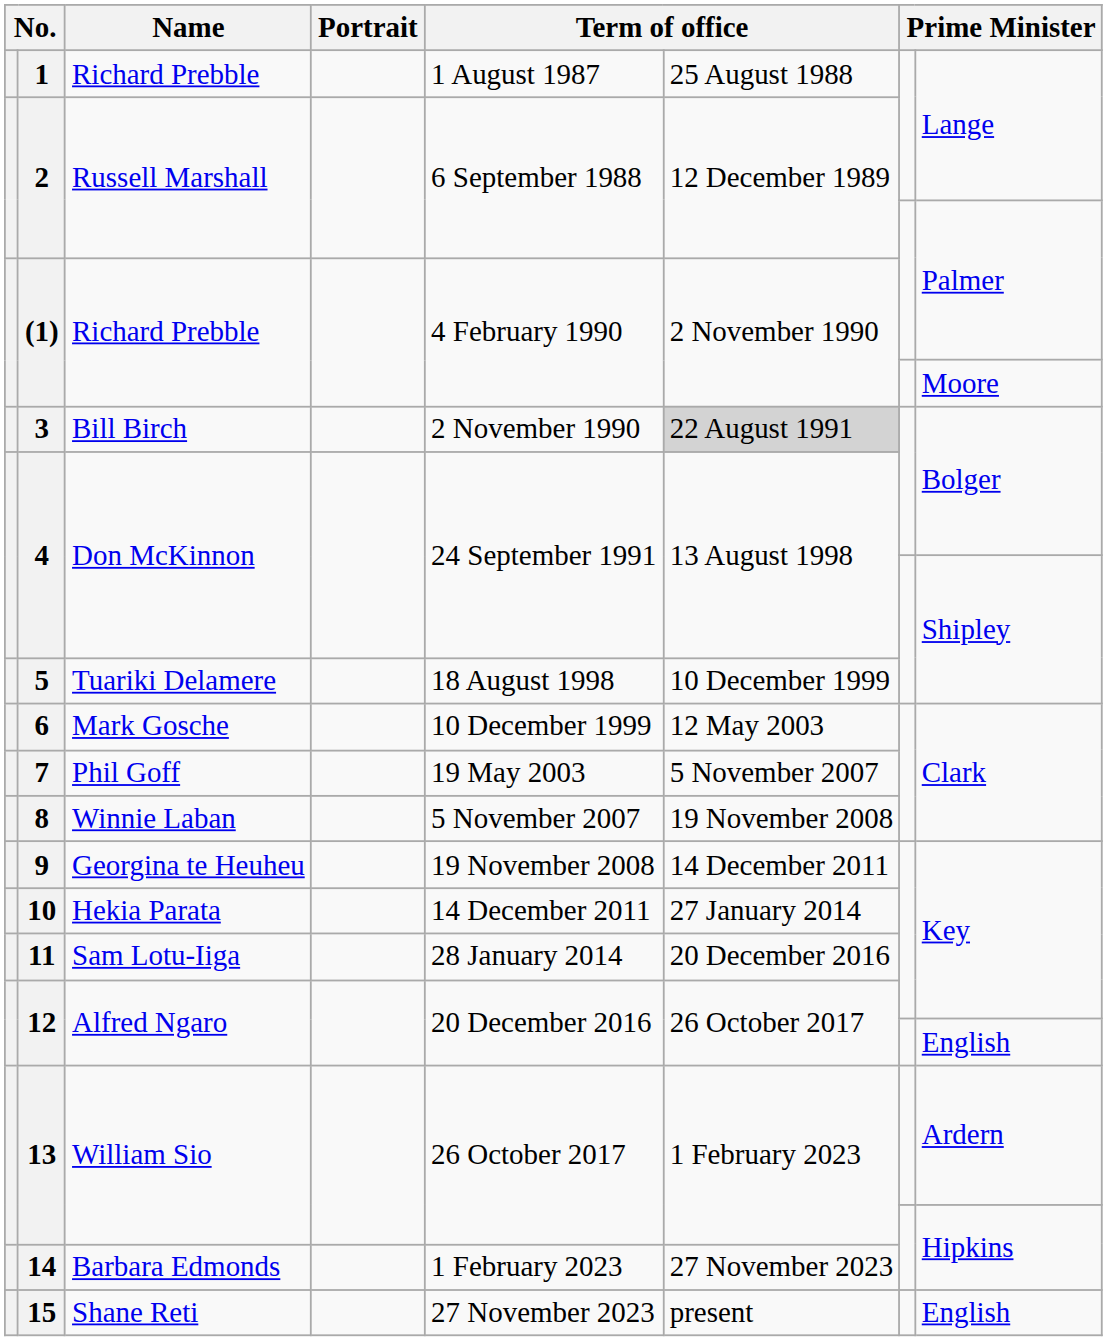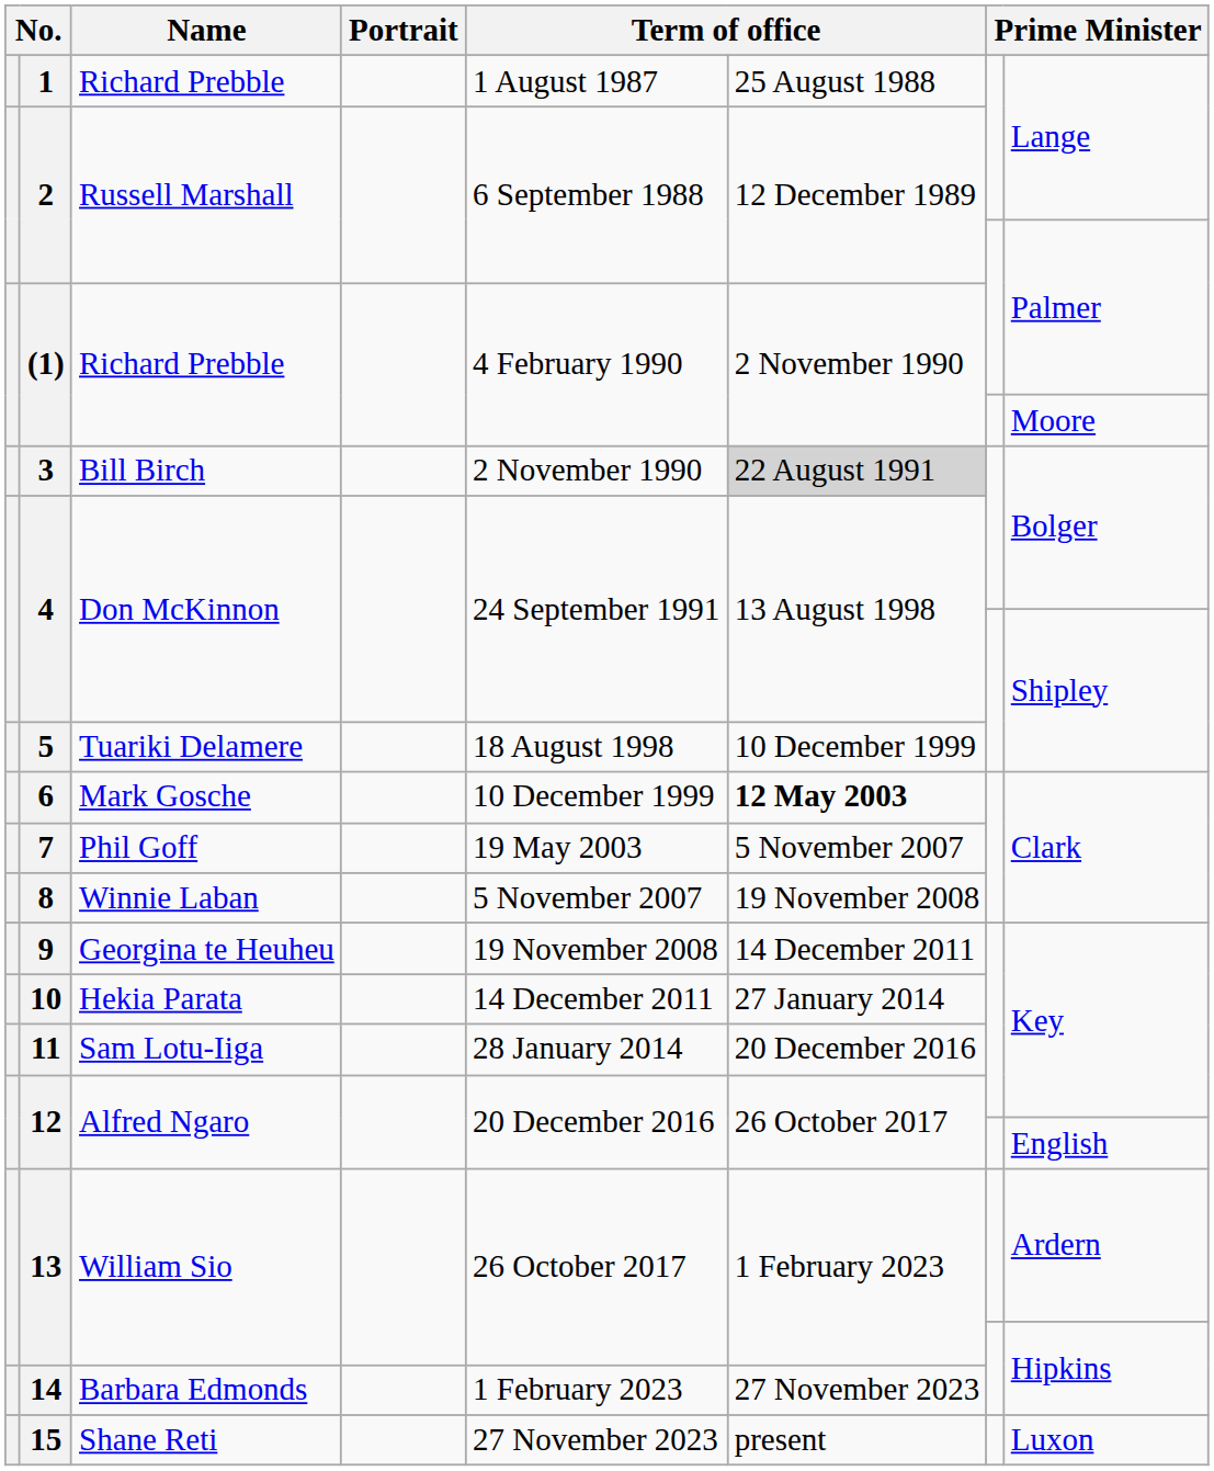 <table class="wikitable">
 <tr>
 <th colspan="2">No.</th>
 <th>Name</th>
 <th>Portrait</th>
 <th colspan="2">Term of office</th>
 <th colspan="2">Prime Minister</th>
 </tr>
 <tr>
 <th style="color:inherit;background:"></th>
 <th>1</th>
 <td><a href='#'>Richard Prebble</a></td>
 <td></td>
 <td>1 August 1987</td>
 <td>25 August 1988</td>
 <td width=1 rowspan=2 style="color:inherit;background:"></td>
 <td rowspan=2><a href='#'>Lange</a></td>
 </tr>
 <tr>
 <th height=50 style="border-bottom:solid 0 grey; background:"></th>
 <th rowspan=2>2</th>
 <td rowspan=2><a href='#'>Russell Marshall</a></td>
 <td rowspan=2></td>
 <td rowspan=2>6 September 1988</td>
 <td rowspan=2>12 December 1989</td>
 </tr>
 <tr>
 <th height=25 style="border-top:solid 0 grey; background:"></th>
 <td rowspan=2 style="color:inherit;background:"></td>
 <td rowspan=2><a href='#'>Palmer</a></td>
 </tr>
 <tr>
 <th height=50 style="border-bottom:solid 0 grey; background:"></th>
 <th rowspan=2>(1)</th>
 <td rowspan=2><a href='#'>Richard Prebble</a></td>
 <td rowspan=2></td>
 <td rowspan=2>4 February 1990</td>
 <td rowspan=2>2 November 1990</td>
 </tr>
 <tr>
 <th height=15 style="border-top:solid 0 grey; background:"></th>
 <td style="color:inherit;background:"></td>
 <td><a href='#'>Moore</a></td>
 </tr>
 <tr>
 <th style="color:inherit;background:"></th>
 <th>3</th>
 <td><a href='#'>Bill Birch</a></td>
 <td></td>
 <td>2 November 1990</td>
 <td style="background: lightgrey;">22 August 1991</td>
 <td rowspan="2" style="color:inherit;background:"></td>
 <td rowspan="2"><a href='#'>Bolger</a></td>
 </tr>
 <tr>
 <th height=50 style="border-bottom:solid 0 grey; background:"></th>
 <th rowspan="2">4</th>
 <td rowspan="2"><a href='#'>Don McKinnon</a></td>
 <td rowspan="2"></td>
 <td rowspan="2">24 September 1991</td>
 <td rowspan="2">13 August 1998</td>
 </tr>
 <tr>
 <th height=50 style="border-top:solid 0 grey; background:"></th>
 <td rowspan="2" style="color:inherit;background:"></td>
 <td rowspan="2"><a href='#'>Shipley</a></td>
 </tr>
 <tr>
 <th style="color:inherit;background:"></th>
 <th>5</th>
 <td><a href='#'>Tuariki Delamere</a></td>
 <td></td>
 <td>18 August 1998</td>
 <td>10 December 1999</td>
 </tr>
 <tr>
 <th style="color:inherit;background:"></th>
 <th>6</th>
 <td><a href='#'>Mark Gosche</a></td>
 <td></td>
 <td>10 December 1999</td>
-<td>12 May 2003</td>
+<td><strong>12 May 2003</strong></td>
 <td rowspan="3" style="color:inherit;background:"></td>
 <td rowspan="3"><a href='#'>Clark</a></td>
 </tr>
 <tr>
 <th style="color:inherit;background:"></th>
 <th>7</th>
 <td><a href='#'>Phil Goff</a></td>
 <td></td>
 <td>19 May 2003</td>
 <td>5 November 2007</td>
 </tr>
 <tr>
 <th style="color:inherit;background:"></th>
 <th>8</th>
 <td><a href='#'>Winnie Laban</a></td>
 <td></td>
 <td>5 November 2007</td>
 <td>19 November 2008</td>
 </tr>
 <tr>
 <th style="color:inherit;background:"></th>
 <th>9</th>
 <td><a href='#'>Georgina te Heuheu</a></td>
 <td></td>
 <td>19 November 2008</td>
 <td>14 December 2011</td>
 <td rowspan="4" style="color:inherit;background:"></td>
 <td rowspan="4"><a href='#'>Key</a></td>
 </tr>
 <tr>
 <th style="color:inherit;background:"></th>
 <th>10</th>
 <td><a href='#'>Hekia Parata</a></td>
 <td></td>
 <td>14 December 2011</td>
 <td>27 January 2014</td>
 </tr>
 <tr>
 <th style="color:inherit;background:"></th>
 <th>11</th>
 <td><a href='#'>Sam Lotu-Iiga</a></td>
 <td></td>
 <td>28 January 2014</td>
 <td>20 December 2016</td>
 </tr>
 <tr>
 <th height=15 style="border-bottom:solid 0 grey; background:"></th>
 <th rowspan="2">12</th>
 <td rowspan="2"><a href='#'>Alfred Ngaro</a></td>
 <td rowspan="2"></td>
 <td rowspan="2">20 December 2016</td>
 <td rowspan="2">26 October 2017</td>
 </tr>
 <tr>
 <th height=15 style="border-top:solid 0 grey; background:"></th>
 <td style="color:inherit;background:"></td>
 <td><a href='#'>English</a></td>
 </tr>
 <tr>
 <th height=70 style="border-bottom:solid 0 grey; background:"></th>
 <th rowspan=2>13</th>
 <td rowspan=2><a href='#'>William Sio</a></td>
 <td rowspan=2></td>
 <td rowspan=2>26 October 2017</td>
 <td rowspan=2>1 February 2023</td>
 <td height=15 style="border-top:solid 0 gray; background:"></td>
 <td><a href='#'>Ardern</a></td>
 </tr>
 <tr>
 <th height=15 style="border-top:solid 0 grey; background:"></th>
 <td rowspan=2 style="color:inherit;background:"></td>
 <td rowspan=2><a href='#'>Hipkins</a></td>
 </tr>
 <tr>
 <th style="color:inherit;background:"></th>
 <th>14</th>
 <td><a href='#'>Barbara Edmonds</a></td>
 <td></td>
 <td>1 February 2023</td>
 <td>27 November 2023</td>
 </tr>
 <tr>
 <th style="color:inherit;background:"></th>
 <th>15</th>
 <td><a href='#'>Shane Reti</a></td>
 <td></td>
 <td>27 November 2023</td>
 <td>present</td>
 <td style="color:inherit;background:"></td>
-<td><a href='#'>English</a></td>
+<td><a href='#'>Luxon</a></td>
 </tr>
 </table>
